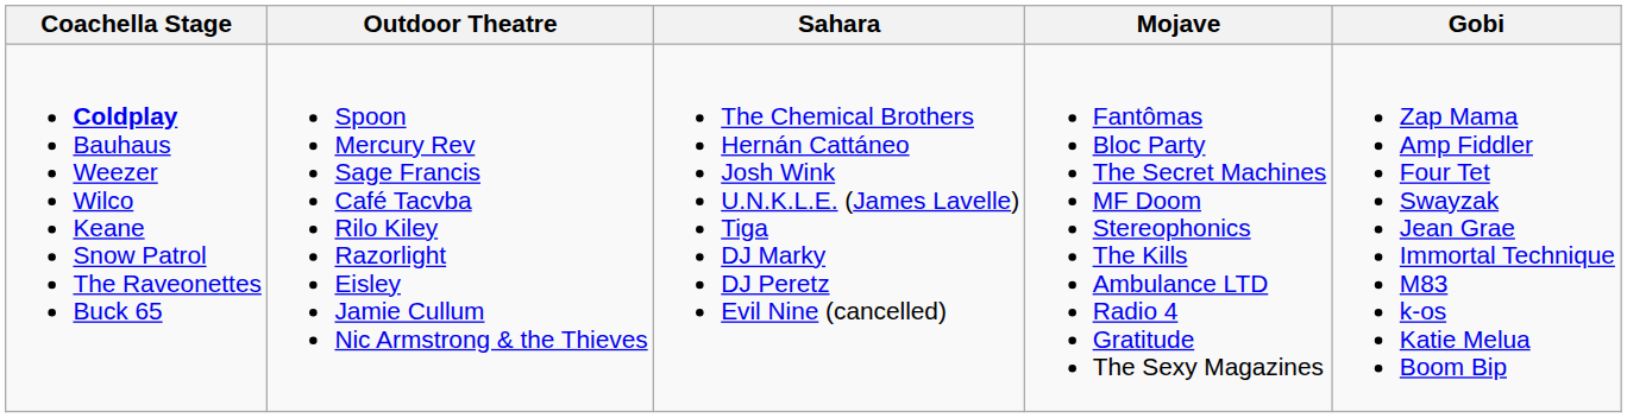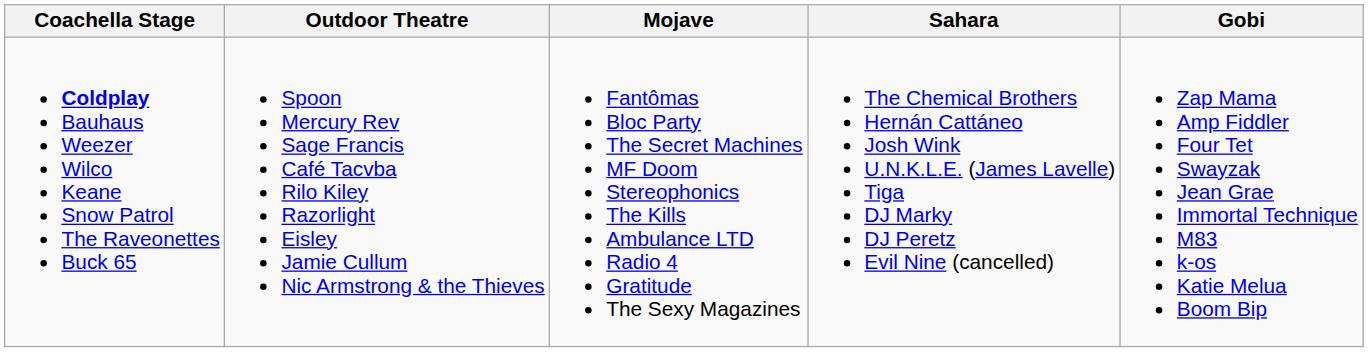 <table class="wikitable">
 <tr>
 <th>Coachella Stage</th>
 <th>Outdoor Theatre</th>
+<th>Mojave</th>
 <th>Sahara</th>
-<th>Mojave</th>
 <th>Gobi</th>
 </tr>
 <tr valign="top">
 <td><br><ul><li><strong><a href='#'>Coldplay</a></strong></li><li><a href='#'>Bauhaus</a></li><li><a href='#'>Weezer</a></li><li><a href='#'>Wilco</a></li><li><a href='#'>Keane</a></li><li><a href='#'>Snow Patrol</a></li><li><a href='#'>The Raveonettes</a></li><li><a href='#'>Buck 65</a></li></ul></td>
 <td><br><ul><li><a href='#'>Spoon</a></li><li><a href='#'>Mercury Rev</a></li><li><a href='#'>Sage Francis</a></li><li><a href='#'>Café Tacvba</a></li><li><a href='#'>Rilo Kiley</a></li><li><a href='#'>Razorlight</a></li><li><a href='#'>Eisley</a></li><li><a href='#'>Jamie Cullum</a></li><li><a href='#'>Nic Armstrong & the Thieves</a></li></ul></td>
+<td><br><ul><li><a href='#'>Fantômas</a></li><li><a href='#'>Bloc Party</a></li><li><a href='#'>The Secret Machines</a></li><li><a href='#'>MF Doom</a></li><li><a href='#'>Stereophonics</a></li><li><a href='#'>The Kills</a></li><li><a href='#'>Ambulance LTD</a></li><li><a href='#'>Radio 4</a></li><li><a href='#'>Gratitude</a></li><li>The Sexy Magazines</li></ul></td>
 <td><br><ul><li><a href='#'>The Chemical Brothers</a></li><li><a href='#'>Hernán Cattáneo</a></li><li><a href='#'>Josh Wink</a></li><li><a href='#'>U.N.K.L.E.</a> (<a href='#'>James Lavelle</a>)</li><li><a href='#'>Tiga</a></li><li><a href='#'>DJ Marky</a></li><li><a href='#'>DJ Peretz</a></li><li><a href='#'>Evil Nine</a> (cancelled)</li></ul></td>
-<td><br><ul><li><a href='#'>Fantômas</a></li><li><a href='#'>Bloc Party</a></li><li><a href='#'>The Secret Machines</a></li><li><a href='#'>MF Doom</a></li><li><a href='#'>Stereophonics</a></li><li><a href='#'>The Kills</a></li><li><a href='#'>Ambulance LTD</a></li><li><a href='#'>Radio 4</a></li><li><a href='#'>Gratitude</a></li><li>The Sexy Magazines</li></ul></td>
 <td><br><ul><li><a href='#'>Zap Mama</a></li><li><a href='#'>Amp Fiddler</a></li><li><a href='#'>Four Tet</a></li><li><a href='#'>Swayzak</a></li><li><a href='#'>Jean Grae</a></li><li><a href='#'>Immortal Technique</a></li><li><a href='#'>M83</a></li><li><a href='#'>k-os</a></li><li><a href='#'>Katie Melua</a></li><li><a href='#'>Boom Bip</a></li></ul></td>
 </tr>
 </table>
